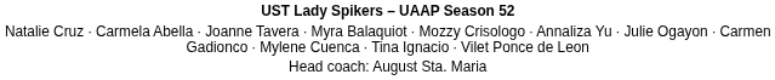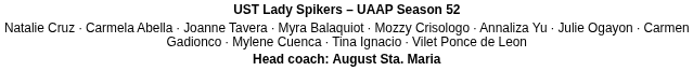 <table class='toccolours mw-collapsible mw-collapsed' width=100% style=font-size:95%>
 <tr>
 <th style=>UST Lady Spikers – UAAP Season 52</th>
 </tr>
 <tr align=center>
 <td>Natalie Cruz ∙ Carmela Abella ∙ Joanne Tavera ∙ Myra Balaquiot ∙ Mozzy Crisologo ∙ Annaliza Yu ∙ Julie Ogayon ∙ Carmen Gadionco ∙ Mylene Cuenca ∙ Tina Ignacio ∙ Vilet Ponce de Leon</td>
 </tr>
 <tr align=center>
-<td>Head coach: August Sta. Maria</td>
+<td><strong>Head coach: August Sta. Maria</strong></td>
 </tr>
 </table>
